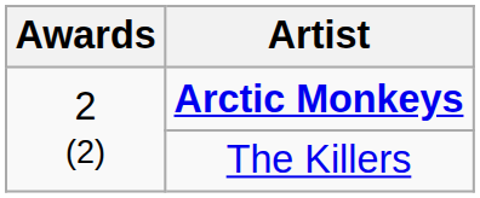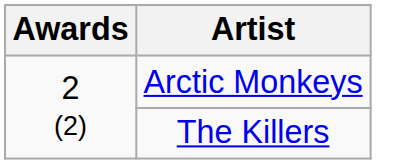 <table class="wikitable" rowspan="2" style="text-align:center;">
 <tr>
 <th scope="col" style="width:55px;">Awards</th>
 <th scope="col" style="text-align:center;">Artist</th>
 </tr>
 <tr>
 <td rowspan="2">2<br><small>(2)</small></td>
-<td><strong><a href='#'>Arctic Monkeys</a></strong></td>
+<td><a href='#'>Arctic Monkeys</a></td>
 </tr>
 <tr>
 <td><a href='#'>The Killers</a></td>
 </tr>
 </table>
